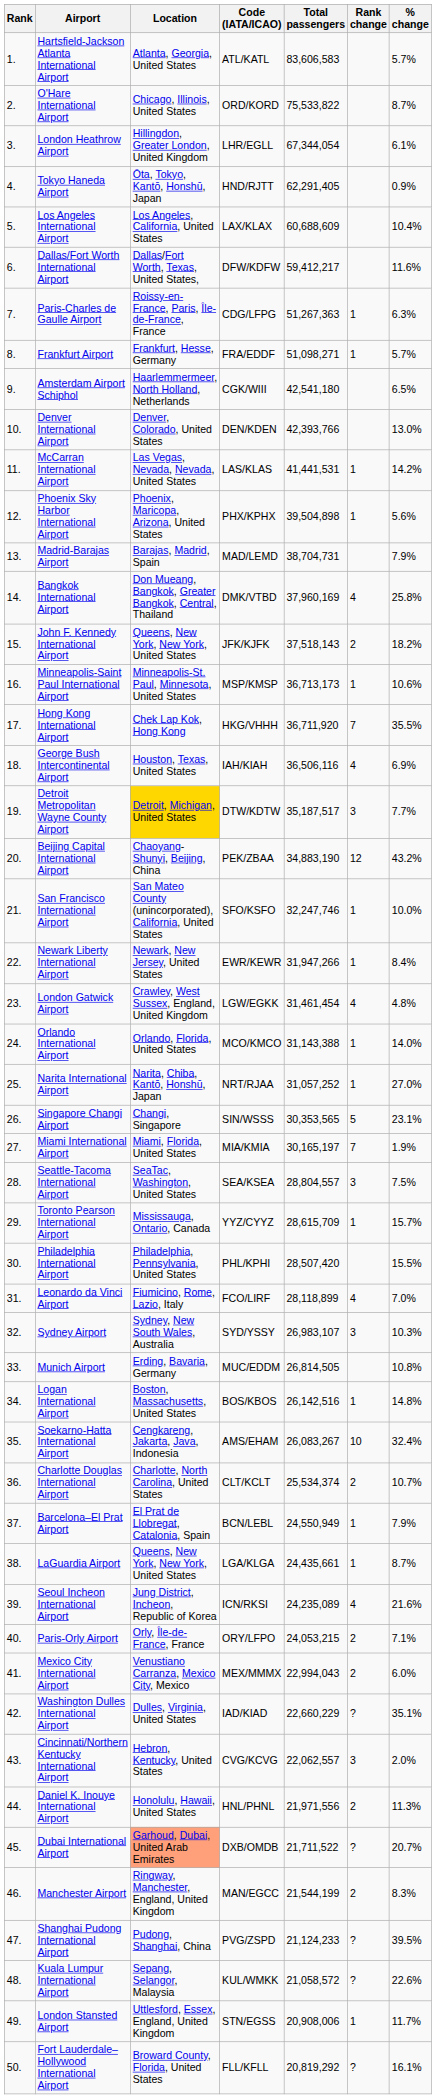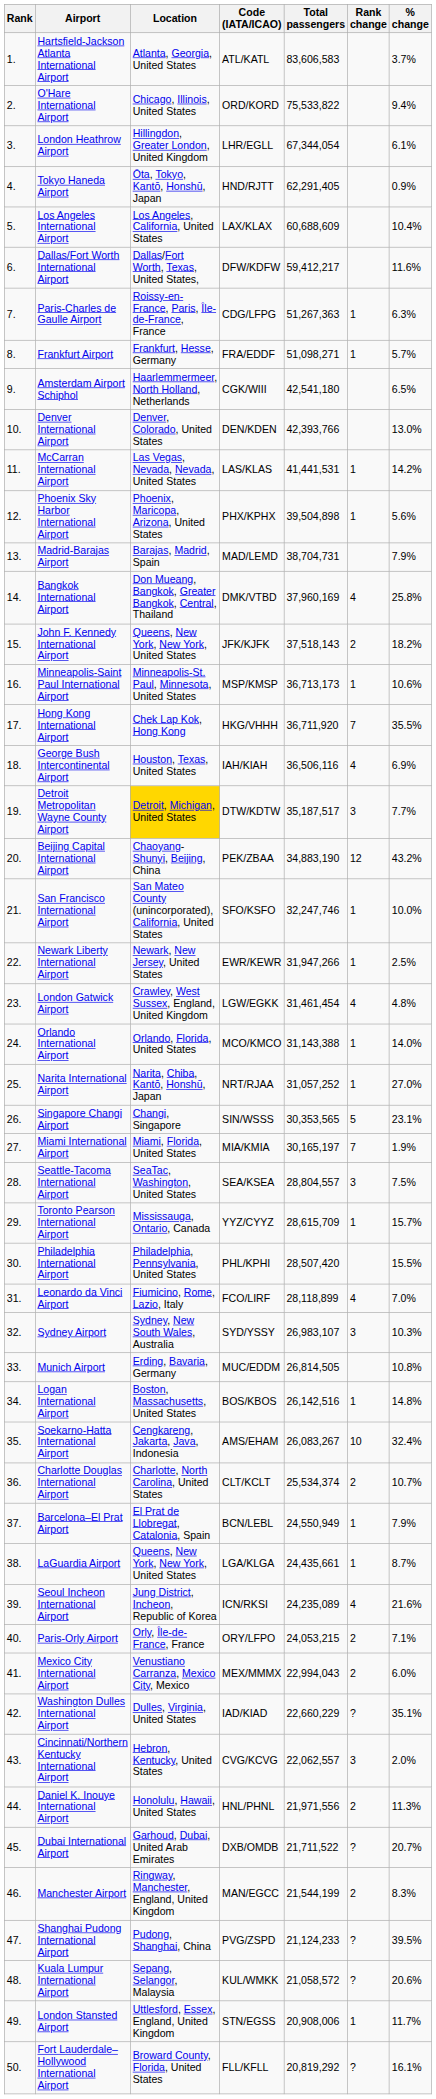 <table class="wikitable sortable" style="-size: 85%" width= align=>
 <tr style="background:lightgrey;">
 <th>Rank</th>
 <th>Airport</th>
 <th>Location</th>
 <th>Code<br>(IATA/ICAO)</th>
 <th>Total<br>passengers</th>
 <th>Rank<br>change</th>
 <th>%<br>change</th>
 </tr>
 <tr>
 <td>1.</td>
 <td> <a href='#'>Hartsfield-Jackson Atlanta International Airport</a></td>
 <td><a href='#'>Atlanta</a>, <a href='#'>Georgia</a>, United States</td>
 <td>ATL/KATL</td>
 <td>83,606,583</td>
 <td></td>
-<td>5.7%</td>
+<td>3.7%</td>
 </tr>
 <tr>
 <td>2.</td>
 <td> <a href='#'>O'Hare International Airport</a></td>
 <td><a href='#'>Chicago</a>, <a href='#'>Illinois</a>, United States</td>
 <td>ORD/KORD</td>
 <td>75,533,822</td>
 <td></td>
-<td>8.7%</td>
+<td>9.4%</td>
 </tr>
 <tr>
 <td>3.</td>
 <td> <a href='#'>London Heathrow Airport</a></td>
 <td><a href='#'>Hillingdon</a>, <a href='#'>Greater London</a>, United Kingdom</td>
 <td>LHR/EGLL</td>
 <td>67,344,054</td>
 <td></td>
 <td>6.1%</td>
 </tr>
 <tr>
 <td>4.</td>
 <td> <a href='#'>Tokyo Haneda Airport</a></td>
 <td><a href='#'>Ōta</a>, <a href='#'>Tokyo</a>, <a href='#'>Kantō</a>, <a href='#'>Honshū</a>, Japan</td>
 <td>HND/RJTT</td>
 <td>62,291,405</td>
 <td></td>
 <td>0.9%</td>
 </tr>
 <tr>
 <td>5.</td>
 <td> <a href='#'>Los Angeles International Airport</a></td>
 <td><a href='#'>Los Angeles</a>, <a href='#'>California</a>, United States</td>
 <td>LAX/KLAX</td>
 <td>60,688,609</td>
 <td></td>
 <td>10.4%</td>
 </tr>
 <tr>
 <td>6.</td>
 <td> <a href='#'>Dallas/Fort Worth International Airport</a></td>
 <td><a href='#'>Dallas</a>/<a href='#'>Fort Worth</a>, <a href='#'>Texas</a>, United States,</td>
 <td>DFW/KDFW</td>
 <td>59,412,217</td>
 <td></td>
 <td>11.6%</td>
 </tr>
 <tr>
 <td>7.</td>
 <td> <a href='#'>Paris-Charles de Gaulle Airport</a></td>
 <td><a href='#'>Roissy-en-France</a>, <a href='#'>Paris</a>, <a href='#'>Île-de-France</a>, France</td>
 <td>CDG/LFPG</td>
 <td>51,267,363</td>
 <td>1</td>
 <td>6.3%</td>
 </tr>
 <tr>
 <td>8.</td>
 <td> <a href='#'>Frankfurt Airport</a></td>
 <td><a href='#'>Frankfurt</a>, <a href='#'>Hesse</a>, Germany</td>
 <td>FRA/EDDF</td>
 <td>51,098,271</td>
 <td>1</td>
 <td>5.7%</td>
 </tr>
 <tr>
 <td>9.</td>
 <td> <a href='#'>Amsterdam Airport Schiphol</a></td>
 <td><a href='#'>Haarlemmermeer</a>, <a href='#'>North Holland</a>, Netherlands</td>
 <td>CGK/WIII</td>
 <td>42,541,180</td>
 <td></td>
 <td>6.5%</td>
 </tr>
 <tr>
 <td>10.</td>
 <td> <a href='#'>Denver International Airport</a></td>
 <td><a href='#'>Denver</a>, <a href='#'>Colorado</a>, United States</td>
 <td>DEN/KDEN</td>
 <td>42,393,766</td>
 <td></td>
 <td>13.0%</td>
 </tr>
 <tr>
 <td>11.</td>
 <td> <a href='#'>McCarran International Airport</a></td>
 <td><a href='#'>Las Vegas</a>, <a href='#'>Nevada</a>, <a href='#'>Nevada</a>, United States</td>
 <td>LAS/KLAS</td>
 <td>41,441,531</td>
 <td>1</td>
 <td>14.2%</td>
 </tr>
 <tr>
 <td>12.</td>
 <td> <a href='#'>Phoenix Sky Harbor International Airport</a></td>
 <td><a href='#'>Phoenix</a>, <a href='#'>Maricopa</a>, <a href='#'>Arizona</a>, United States</td>
 <td>PHX/KPHX</td>
 <td>39,504,898</td>
 <td>1</td>
 <td>5.6%</td>
 </tr>
 <tr>
 <td>13.</td>
 <td> <a href='#'>Madrid-Barajas Airport</a></td>
 <td><a href='#'>Barajas</a>, <a href='#'>Madrid</a>, Spain</td>
 <td>MAD/LEMD</td>
 <td>38,704,731</td>
 <td></td>
 <td>7.9%</td>
 </tr>
 <tr>
 <td>14.</td>
 <td> <a href='#'>Bangkok International Airport</a></td>
 <td><a href='#'>Don Mueang</a>, <a href='#'>Bangkok</a>, <a href='#'>Greater Bangkok</a>, <a href='#'>Central</a>, Thailand</td>
 <td>DMK/VTBD</td>
 <td>37,960,169</td>
 <td>4</td>
 <td>25.8%</td>
 </tr>
 <tr>
 <td>15.</td>
 <td> <a href='#'>John F. Kennedy International Airport</a></td>
 <td><a href='#'>Queens</a>, <a href='#'>New York</a>, <a href='#'>New York</a>, United States</td>
 <td>JFK/KJFK</td>
 <td>37,518,143</td>
 <td>2</td>
 <td>18.2%</td>
 </tr>
 <tr>
 <td>16.</td>
 <td> <a href='#'>Minneapolis-Saint Paul International Airport</a></td>
 <td><a href='#'>Minneapolis-St. Paul</a>, <a href='#'>Minnesota</a>, United States</td>
 <td>MSP/KMSP</td>
 <td>36,713,173</td>
 <td>1</td>
 <td>10.6%</td>
 </tr>
 <tr>
 <td>17.</td>
 <td> <a href='#'>Hong Kong International Airport</a></td>
 <td><a href='#'>Chek Lap Kok</a>, <a href='#'>Hong Kong</a></td>
 <td>HKG/VHHH</td>
 <td>36,711,920</td>
 <td>7</td>
 <td>35.5%</td>
 </tr>
 <tr>
 <td>18.</td>
 <td> <a href='#'>George Bush Intercontinental Airport</a></td>
 <td><a href='#'>Houston</a>, <a href='#'>Texas</a>, United States</td>
 <td>IAH/KIAH</td>
 <td>36,506,116</td>
 <td>4</td>
 <td>6.9%</td>
 </tr>
 <tr>
 <td>19.</td>
 <td> <a href='#'>Detroit Metropolitan Wayne County Airport</a></td>
 <td style="background: gold;"><a href='#'>Detroit</a>, <a href='#'>Michigan</a>, United States</td>
 <td>DTW/KDTW</td>
 <td>35,187,517</td>
 <td>3</td>
 <td>7.7%</td>
 </tr>
 <tr>
 <td>20.</td>
 <td> <a href='#'>Beijing Capital International Airport</a></td>
 <td><a href='#'>Chaoyang</a>-<a href='#'>Shunyi</a>, <a href='#'>Beijing</a>, China</td>
 <td>PEK/ZBAA</td>
 <td>34,883,190</td>
 <td>12</td>
 <td>43.2%</td>
 </tr>
 <tr>
 <td>21.</td>
 <td> <a href='#'>San Francisco International Airport</a></td>
 <td><a href='#'>San Mateo County</a> (unincorporated), <a href='#'>California</a>, United States</td>
 <td>SFO/KSFO</td>
 <td>32,247,746</td>
 <td>1</td>
 <td>10.0%</td>
 </tr>
 <tr>
 <td>22.</td>
 <td> <a href='#'>Newark Liberty International Airport</a></td>
 <td><a href='#'>Newark</a>, <a href='#'>New Jersey</a>, United States</td>
 <td>EWR/KEWR</td>
 <td>31,947,266</td>
 <td>1</td>
-<td>8.4%</td>
+<td>2.5%</td>
 </tr>
 <tr>
 <td>23.</td>
 <td> <a href='#'>London Gatwick Airport</a></td>
 <td><a href='#'>Crawley</a>, <a href='#'>West Sussex</a>, England, United Kingdom</td>
 <td>LGW/EGKK</td>
 <td>31,461,454</td>
 <td>4</td>
 <td>4.8%</td>
 </tr>
 <tr>
 <td>24.</td>
 <td> <a href='#'>Orlando International Airport</a></td>
 <td><a href='#'>Orlando</a>, <a href='#'>Florida</a>, United States</td>
 <td>MCO/KMCO</td>
 <td>31,143,388</td>
 <td>1</td>
 <td>14.0%</td>
 </tr>
 <tr>
 <td>25.</td>
 <td> <a href='#'>Narita International Airport</a></td>
 <td><a href='#'>Narita</a>, <a href='#'>Chiba</a>, <a href='#'>Kantō</a>, <a href='#'>Honshū</a>, Japan</td>
 <td>NRT/RJAA</td>
 <td>31,057,252</td>
 <td>1</td>
 <td>27.0%</td>
 </tr>
 <tr>
 <td>26.</td>
 <td> <a href='#'>Singapore Changi Airport</a></td>
 <td><a href='#'>Changi</a>, Singapore</td>
 <td>SIN/WSSS</td>
 <td>30,353,565</td>
 <td>5</td>
 <td>23.1%</td>
 </tr>
 <tr>
 <td>27.</td>
 <td> <a href='#'>Miami International Airport</a></td>
 <td><a href='#'>Miami</a>, <a href='#'>Florida</a>, United States</td>
 <td>MIA/KMIA</td>
 <td>30,165,197</td>
 <td>7</td>
 <td>1.9%</td>
 </tr>
 <tr>
 <td>28.</td>
 <td> <a href='#'>Seattle-Tacoma International Airport</a></td>
 <td><a href='#'>SeaTac</a>, <a href='#'>Washington</a>, United States</td>
 <td>SEA/KSEA</td>
 <td>28,804,557</td>
 <td>3</td>
 <td>7.5%</td>
 </tr>
 <tr>
 <td>29.</td>
 <td> <a href='#'>Toronto Pearson International Airport</a></td>
 <td><a href='#'>Mississauga</a>, <a href='#'>Ontario</a>, Canada</td>
 <td>YYZ/CYYZ</td>
 <td>28,615,709</td>
 <td>1</td>
 <td>15.7%</td>
 </tr>
 <tr>
 <td>30.</td>
 <td> <a href='#'>Philadelphia International Airport</a></td>
 <td><a href='#'>Philadelphia</a>, <a href='#'>Pennsylvania</a>, United States</td>
 <td>PHL/KPHI</td>
 <td>28,507,420</td>
 <td></td>
 <td>15.5%</td>
 </tr>
 <tr>
 <td>31.</td>
 <td> <a href='#'>Leonardo da Vinci Airport</a></td>
 <td><a href='#'>Fiumicino</a>, <a href='#'>Rome</a>, <a href='#'>Lazio</a>, Italy</td>
 <td>FCO/LIRF</td>
 <td>28,118,899</td>
 <td>4</td>
 <td>7.0%</td>
 </tr>
 <tr>
 <td>32.</td>
 <td> <a href='#'>Sydney Airport</a></td>
 <td><a href='#'>Sydney</a>, <a href='#'>New South Wales</a>, Australia</td>
 <td>SYD/YSSY</td>
 <td>26,983,107</td>
 <td>3</td>
 <td>10.3%</td>
 </tr>
 <tr>
 <td>33.</td>
 <td> <a href='#'>Munich Airport</a></td>
 <td><a href='#'>Erding</a>, <a href='#'>Bavaria</a>, Germany</td>
 <td>MUC/EDDM</td>
 <td>26,814,505</td>
 <td></td>
 <td>10.8%</td>
 </tr>
 <tr>
 <td>34.</td>
 <td> <a href='#'>Logan International Airport</a></td>
 <td><a href='#'>Boston</a>, <a href='#'>Massachusetts</a>, United States</td>
 <td>BOS/KBOS</td>
 <td>26,142,516</td>
 <td>1</td>
 <td>14.8%</td>
 </tr>
 <tr>
 <td>35.</td>
 <td> <a href='#'>Soekarno-Hatta International Airport</a></td>
 <td><a href='#'>Cengkareng</a>, <a href='#'>Jakarta</a>, <a href='#'>Java</a>, Indonesia</td>
 <td>AMS/EHAM</td>
 <td>26,083,267</td>
 <td>10</td>
 <td>32.4%</td>
 </tr>
 <tr>
 <td>36.</td>
 <td> <a href='#'>Charlotte Douglas International Airport</a></td>
 <td><a href='#'>Charlotte</a>, <a href='#'>North Carolina</a>, United States</td>
 <td>CLT/KCLT</td>
 <td>25,534,374</td>
 <td>2</td>
 <td>10.7%</td>
 </tr>
 <tr>
 <td>37.</td>
 <td> <a href='#'>Barcelona–El Prat Airport</a></td>
 <td><a href='#'>El Prat de Llobregat</a>, <a href='#'>Catalonia</a>, Spain</td>
 <td>BCN/LEBL</td>
 <td>24,550,949</td>
 <td>1</td>
 <td>7.9%</td>
 </tr>
 <tr>
 <td>38.</td>
 <td> <a href='#'>LaGuardia Airport</a></td>
 <td><a href='#'>Queens</a>, <a href='#'>New York</a>, <a href='#'>New York</a>, United States</td>
 <td>LGA/KLGA</td>
 <td>24,435,661</td>
 <td>1</td>
 <td>8.7%</td>
 </tr>
 <tr>
 <td>39.</td>
 <td> <a href='#'>Seoul Incheon International Airport</a></td>
 <td><a href='#'>Jung District</a>, <a href='#'>Incheon</a>, Republic of Korea</td>
 <td>ICN/RKSI</td>
 <td>24,235,089</td>
 <td>4</td>
 <td>21.6%</td>
 </tr>
 <tr>
 <td>40.</td>
 <td> <a href='#'>Paris-Orly Airport</a></td>
 <td><a href='#'>Orly</a>, <a href='#'>Île-de-France</a>, France</td>
 <td>ORY/LFPO</td>
 <td>24,053,215</td>
 <td>2</td>
 <td>7.1%</td>
 </tr>
 <tr>
 <td>41.</td>
 <td> <a href='#'>Mexico City International Airport</a></td>
 <td><a href='#'>Venustiano Carranza</a>, <a href='#'>Mexico City</a>, Mexico</td>
 <td>MEX/MMMX</td>
 <td>22,994,043</td>
 <td>2</td>
 <td>6.0%</td>
 </tr>
 <tr>
 <td>42.</td>
 <td> <a href='#'>Washington Dulles International Airport</a></td>
 <td><a href='#'>Dulles</a>, <a href='#'>Virginia</a>, United States</td>
 <td>IAD/KIAD</td>
 <td>22,660,229</td>
 <td>?</td>
 <td>35.1%</td>
 </tr>
 <tr>
 <td>43.</td>
 <td> <a href='#'>Cincinnati/Northern Kentucky International Airport</a></td>
 <td><a href='#'>Hebron</a>, <a href='#'>Kentucky</a>, United States</td>
 <td>CVG/KCVG</td>
 <td>22,062,557</td>
 <td>3</td>
 <td>2.0%</td>
 </tr>
 <tr>
 <td>44.</td>
 <td> <a href='#'>Daniel K. Inouye International Airport</a></td>
 <td><a href='#'>Honolulu</a>, <a href='#'>Hawaii</a>, United States</td>
 <td>HNL/PHNL</td>
 <td>21,971,556</td>
 <td>2</td>
 <td>11.3%</td>
 </tr>
 <tr>
 <td>45.</td>
 <td> <a href='#'>Dubai International Airport</a></td>
-<td style="background: lightsalmon;"><a href='#'>Garhoud</a>, <a href='#'>Dubai</a>, United Arab Emirates</td>
+<td><a href='#'>Garhoud</a>, <a href='#'>Dubai</a>, United Arab Emirates</td>
 <td>DXB/OMDB</td>
 <td>21,711,522</td>
 <td>?</td>
 <td>20.7%</td>
 </tr>
 <tr>
 <td>46.</td>
 <td> <a href='#'>Manchester Airport</a></td>
 <td><a href='#'>Ringway</a>, <a href='#'>Manchester</a>, England, United Kingdom</td>
 <td>MAN/EGCC</td>
 <td>21,544,199</td>
 <td>2</td>
 <td>8.3%</td>
 </tr>
 <tr>
 <td>47.</td>
 <td> <a href='#'>Shanghai Pudong International Airport</a></td>
 <td><a href='#'>Pudong</a>, <a href='#'>Shanghai</a>, China</td>
 <td>PVG/ZSPD</td>
 <td>21,124,233</td>
 <td>?</td>
 <td>39.5%</td>
 </tr>
 <tr>
 <td>48.</td>
 <td> <a href='#'>Kuala Lumpur International Airport</a></td>
 <td><a href='#'>Sepang</a>, <a href='#'>Selangor</a>, Malaysia</td>
 <td>KUL/WMKK</td>
 <td>21,058,572</td>
 <td>?</td>
-<td>22.6%</td>
+<td>20.6%</td>
 </tr>
 <tr>
 <td>49.</td>
 <td> <a href='#'>London Stansted Airport</a></td>
 <td><a href='#'>Uttlesford</a>, <a href='#'>Essex</a>, England, United Kingdom</td>
 <td>STN/EGSS</td>
 <td>20,908,006</td>
 <td>1</td>
 <td>11.7%</td>
 </tr>
 <tr>
 <td>50.</td>
 <td> <a href='#'>Fort Lauderdale–Hollywood International Airport</a></td>
 <td><a href='#'>Broward County</a>, <a href='#'>Florida</a>, United States</td>
 <td>FLL/KFLL</td>
 <td>20,819,292</td>
 <td>?</td>
 <td>16.1%</td>
 </tr>
 </table>
